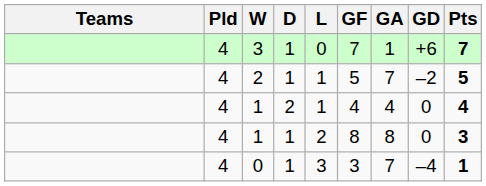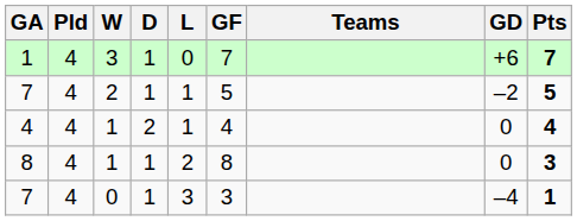 <table class="wikitable" style="text-align: center;">
 <tr>
-<th width=165>Teams</th>
+<th width=20>GA</th>
 <th width=20>Pld</th>
 <th width=20>W</th>
 <th width=20>D</th>
 <th width=20>L</th>
 <th width=20>GF</th>
-<th width=20>GA</th>
+<th width=165>Teams</th>
 <th width=20>GD</th>
 <th width=20>Pts</th>
 </tr>
 <tr align=center style="background:#ccffcc;">
-<td style="text-align:left;"></td>
+<td>1</td>
 <td>4</td>
 <td>3</td>
 <td>1</td>
 <td>0</td>
 <td>7</td>
-<td>1</td>
+<td style="text-align:left;"></td>
 <td>+6</td>
 <td><strong>7</strong></td>
 </tr>
 <tr align=center>
-<td style="text-align:left;"></td>
+<td>7</td>
 <td>4</td>
 <td>2</td>
 <td>1</td>
 <td>1</td>
 <td>5</td>
-<td>7</td>
+<td style="text-align:left;"></td>
 <td>–2</td>
 <td><strong>5</strong></td>
 </tr>
 <tr align=center>
-<td style="text-align:left;"></td>
+<td>4</td>
 <td>4</td>
 <td>1</td>
 <td>2</td>
 <td>1</td>
 <td>4</td>
-<td>4</td>
+<td style="text-align:left;"></td>
 <td>0</td>
 <td><strong>4</strong></td>
 </tr>
 <tr align=center>
-<td style="text-align:left;"></td>
+<td>8</td>
 <td>4</td>
 <td>1</td>
 <td>1</td>
 <td>2</td>
 <td>8</td>
-<td>8</td>
+<td style="text-align:left;"></td>
 <td>0</td>
 <td><strong>3</strong></td>
 </tr>
 <tr align=center>
-<td style="text-align:left;"></td>
+<td>7</td>
 <td>4</td>
 <td>0</td>
 <td>1</td>
 <td>3</td>
 <td>3</td>
-<td>7</td>
+<td style="text-align:left;"></td>
 <td>–4</td>
 <td><strong>1</strong></td>
 </tr>
 </table>
